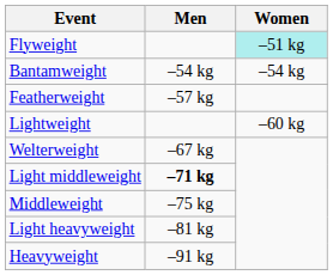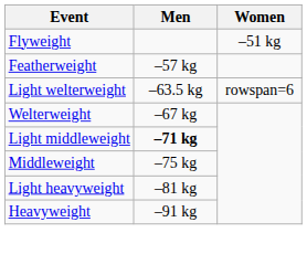 <table class="wikitable" style="text-align:center">
 <tr>
 <th>Event</th>
 <th width=80>Men</th>
 <th width=80>Women</th>
 </tr>
 <tr>
 <td align=left><a href='#'>Flyweight</a></td>
 <td></td>
-<td style="background: paleturquoise;">–51 kg</td>
-</tr>
-<tr>
-<td align=left><a href='#'>Bantamweight</a></td>
-<td>–54 kg</td>
-<td>–54 kg</td>
+<td>–51 kg</td>
 </tr>
 <tr>
 <td align=left><a href='#'>Featherweight</a></td>
 <td>–57 kg</td>
 <td></td>
 </tr>
 <tr>
-<td align=left><a href='#'>Lightweight</a></td>
-<td></td>
-<td>–60 kg</td>
+<td align=left><a href='#'>Light welterweight</a></td>
+<td>–63.5 kg</td>
+<td>rowspan=6 </td>
 </tr>
 <tr>
 <td align=left><a href='#'>Welterweight</a></td>
 <td>–67 kg</td>
 </tr>
 <tr>
 <td align=left><a href='#'>Light middleweight</a></td>
 <td><strong>–71 kg</strong></td>
 </tr>
 <tr>
 <td align=left><a href='#'>Middleweight</a></td>
 <td>–75 kg</td>
 </tr>
 <tr>
 <td align=left><a href='#'>Light heavyweight</a></td>
 <td>–81 kg</td>
 </tr>
 <tr>
 <td align=left><a href='#'>Heavyweight</a></td>
 <td>–91 kg</td>
 </tr>
 </table>
